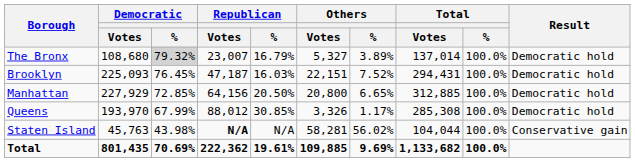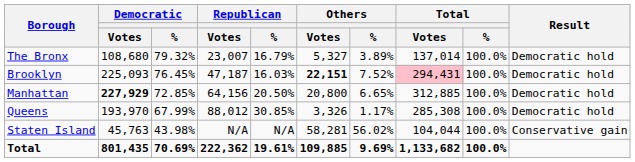 <table class="wikitable plainrowheaders sortable" style="font-size:100%; text-align:right;">
 <tr>
 <th scope=col rowspan=3><a href='#'>Borough</a></th>
 <th scope=col colspan=2><a href='#'>Democratic</a></th>
 <th scope=col colspan=2><a href='#'>Republican</a></th>
 <th scope=col colspan=2>Others</th>
 <th scope=col colspan=2>Total</th>
 <th scope=col rowspan=3>Result</th>
 </tr>
 <tr>
 <th scope=col colspan=2 style="background:"></th>
 <th scope=col colspan=2 style="background:"></th>
 <th scope=col colspan=2></th>
 <th scope=col colspan=2></th>
 </tr>
 <tr>
 <th scope=col data-sort-type="number">Votes</th>
 <th scope=col data-sort-type="number">%</th>
 <th scope=col data-sort-type="number">Votes</th>
 <th scope=col data-sort-type="number">%</th>
 <th scope=col data-sort-type="number">Votes</th>
 <th scope=col data-sort-type="number">%</th>
 <th scope=col data-sort-type="number">Votes</th>
 <th scope=col data-sort-type="number">%</th>
 </tr>
 <tr>
 <td align=left data-sort-value=Bronx><a href='#'>The Bronx</a></td>
 <td>108,680</td>
-<td style="background: lightgrey;">79.32%</td>
+<td>79.32%</td>
 <td>23,007</td>
 <td>16.79%</td>
 <td>5,327</td>
 <td>3.89%</td>
 <td>137,014</td>
 <td>100.0%</td>
 <td align=left>Democratic hold</td>
 </tr>
 <tr>
 <td align=left><a href='#'>Brooklyn</a></td>
 <td>225,093</td>
 <td>76.45%</td>
 <td>47,187</td>
 <td>16.03%</td>
-<td>22,151</td>
+<td><strong>22,151</strong></td>
 <td>7.52%</td>
-<td>294,431</td>
+<td style="background: pink;">294,431</td>
 <td>100.0%</td>
 <td align=left>Democratic hold</td>
 </tr>
 <tr>
 <td align=left><a href='#'>Manhattan</a></td>
-<td>227,929</td>
+<td><strong>227,929</strong></td>
 <td>72.85%</td>
 <td>64,156</td>
 <td>20.50%</td>
 <td>20,800</td>
 <td>6.65%</td>
 <td>312,885</td>
 <td>100.0%</td>
 <td align=left>Democratic hold</td>
 </tr>
 <tr>
 <td align=left><a href='#'>Queens</a></td>
 <td>193,970</td>
 <td>67.99%</td>
 <td>88,012</td>
 <td>30.85%</td>
 <td>3,326</td>
 <td>1.17%</td>
 <td>285,308</td>
 <td>100.0%</td>
 <td align=left>Democratic hold</td>
 </tr>
 <tr>
 <td align=left><a href='#'>Staten Island</a></td>
 <td>45,763</td>
 <td>43.98%</td>
-<td><strong>N/A</strong></td>
+<td>N/A</td>
 <td>N/A</td>
 <td>58,281</td>
 <td>56.02%</td>
 <td>104,044</td>
 <td>100.0%</td>
 <td align=left>Conservative gain</td>
 </tr>
 <tr class="sortbottom" style="font-weight:bold">
 <td align=left>Total</td>
 <td>801,435</td>
 <td>70.69%</td>
 <td>222,362</td>
 <td>19.61%</td>
 <td>109,885</td>
 <td>9.69%</td>
 <td>1,133,682</td>
 <td>100.0%</td>
 </tr>
 </table>
